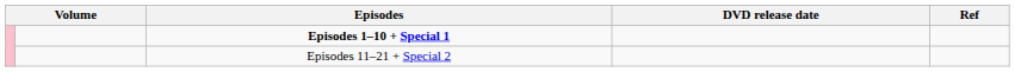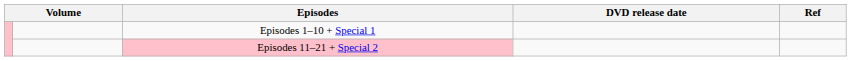 <table class="wikitable" style="text-align: center; width: 98%;">
 <tr>
 <th scope="column" colspan="2">Volume</th>
 <th>Episodes</th>
 <th>DVD release date</th>
 <th>Ref</th>
 </tr>
 <tr>
 <td rowspan="2"  style="width:1%; background:pink;"></td>
 <td></td>
-<td><strong>Episodes 1–10 + <a href='#'>Special 1</a></strong></td>
+<td>Episodes 1–10 + <a href='#'>Special 1</a></td>
 <td></td>
 <td></td>
 </tr>
 <tr>
 <td></td>
-<td>Episodes 11–21 + <a href='#'>Special 2</a></td>
+<td style="background: pink;">Episodes 11–21 + <a href='#'>Special 2</a></td>
 <td></td>
 <td></td>
 </tr>
 </table>
